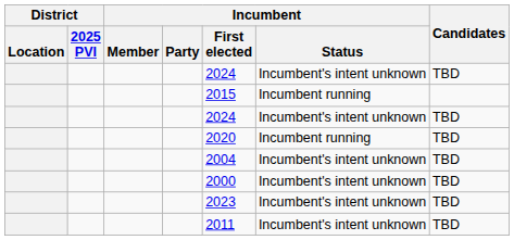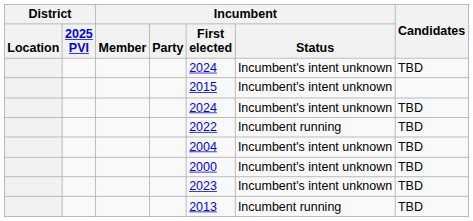 <table class="wikitable sortable">
 <tr>
 <th colspan=2>District</th>
 <th colspan=4>Incumbent</th>
 <th rowspan=2 class="unsortable">Candidates</th>
 </tr>
 <tr valign=bottom>
 <th>Location</th>
 <th><a href='#'>2025<br>PVI</a></th>
 <th>Member</th>
 <th>Party</th>
 <th>First<br>elected</th>
 <th>Status</th>
 </tr>
 <tr>
 <th></th>
 <td></td>
 <td></td>
 <td></td>
 <td><a href='#'>2024</a></td>
 <td>Incumbent's intent unknown</td>
 <td>TBD</td>
 </tr>
 <tr>
 <th></th>
 <td></td>
 <td></td>
 <td></td>
 <td><a href='#'>2015</a></td>
-<td>Incumbent running</td>
+<td>Incumbent's intent unknown</td>
 <td></td>
 </tr>
 <tr>
 <th></th>
 <td></td>
 <td></td>
 <td></td>
 <td><a href='#'>2024</a></td>
 <td>Incumbent's intent unknown</td>
 <td>TBD</td>
 </tr>
 <tr>
 <th></th>
 <td></td>
 <td></td>
 <td></td>
-<td><a href='#'>2020</a></td>
+<td><a href='#'>2022</a></td>
 <td>Incumbent running</td>
 <td>TBD</td>
 </tr>
 <tr>
 <th></th>
 <td></td>
 <td></td>
 <td></td>
 <td><a href='#'>2004</a></td>
 <td>Incumbent's intent unknown</td>
 <td>TBD</td>
 </tr>
 <tr>
 <th></th>
 <td></td>
 <td></td>
 <td></td>
 <td><a href='#'>2000</a></td>
 <td>Incumbent's intent unknown</td>
 <td>TBD</td>
 </tr>
 <tr>
 <th></th>
 <td></td>
 <td></td>
 <td></td>
 <td><a href='#'>2023</a></td>
 <td>Incumbent's intent unknown</td>
 <td>TBD</td>
 </tr>
 <tr>
 <th></th>
 <td></td>
 <td></td>
 <td></td>
-<td><a href='#'>2011 </a></td>
-<td>Incumbent's intent unknown</td>
+<td><a href='#'>2013 </a></td>
+<td>Incumbent running</td>
 <td>TBD</td>
 </tr>
 </table>
